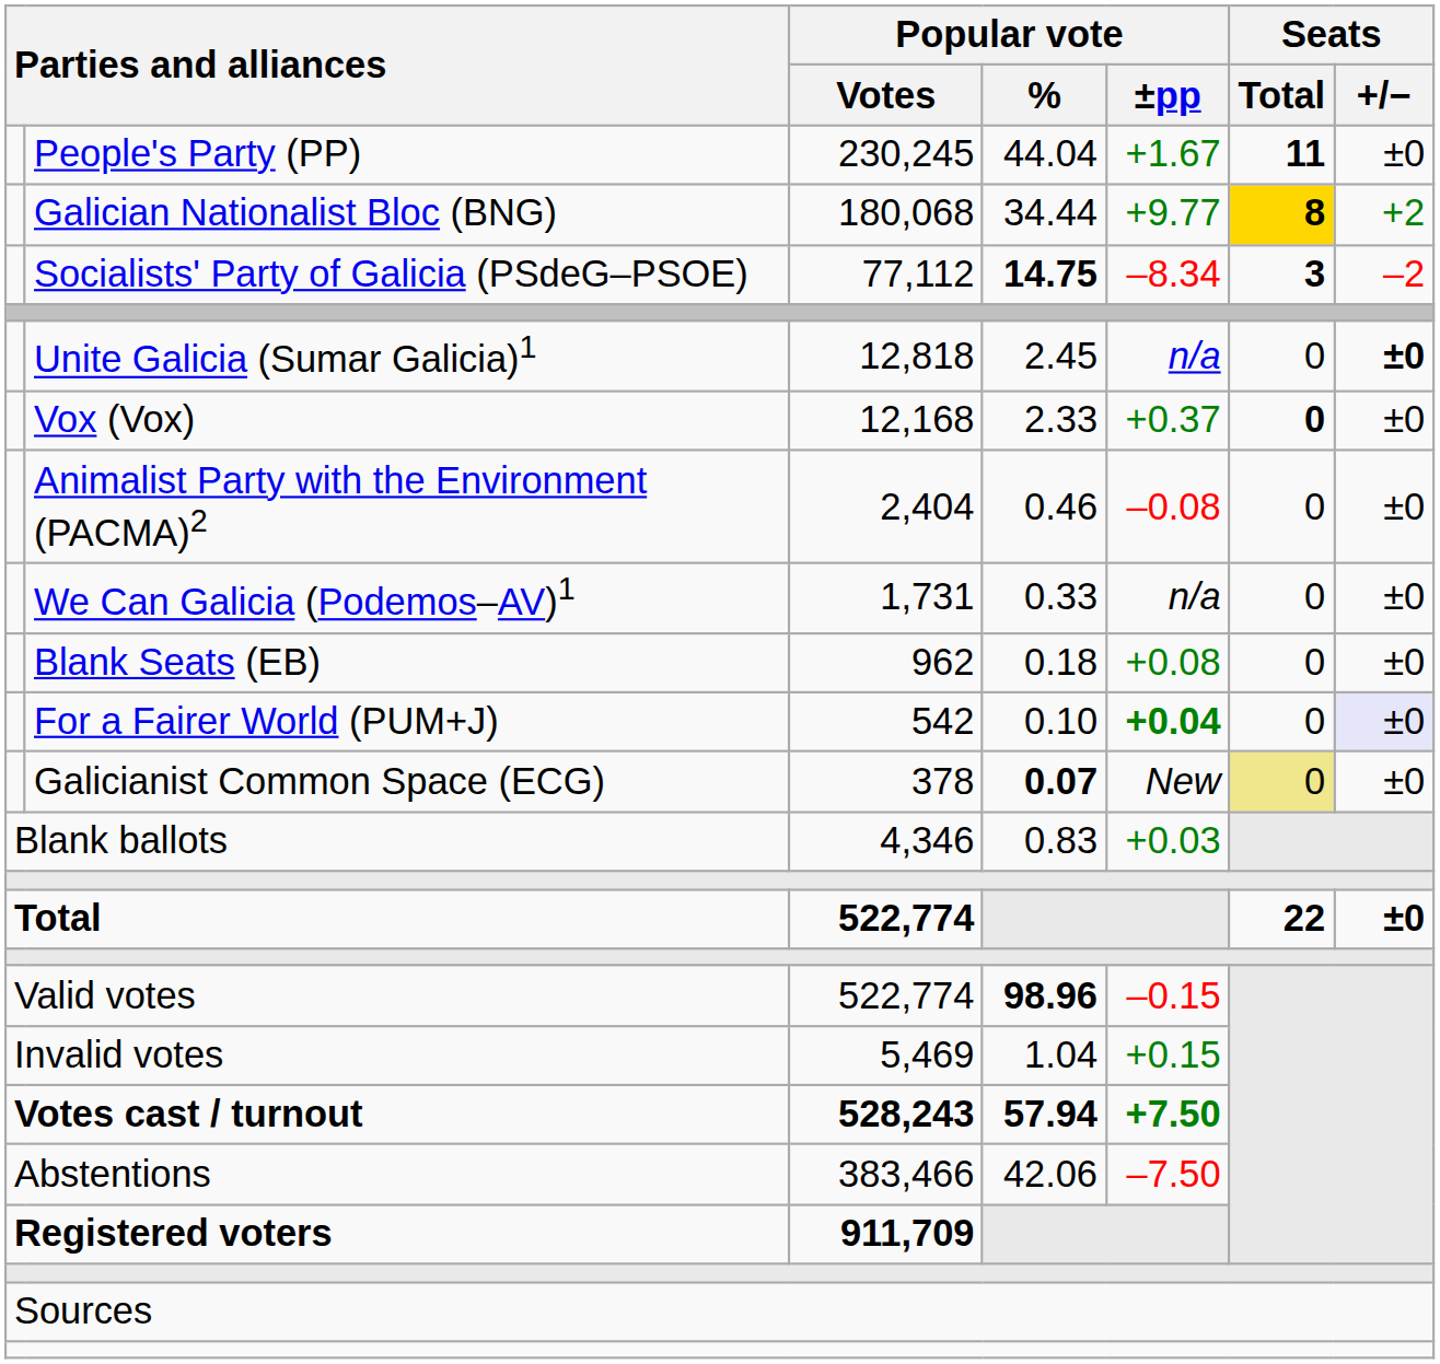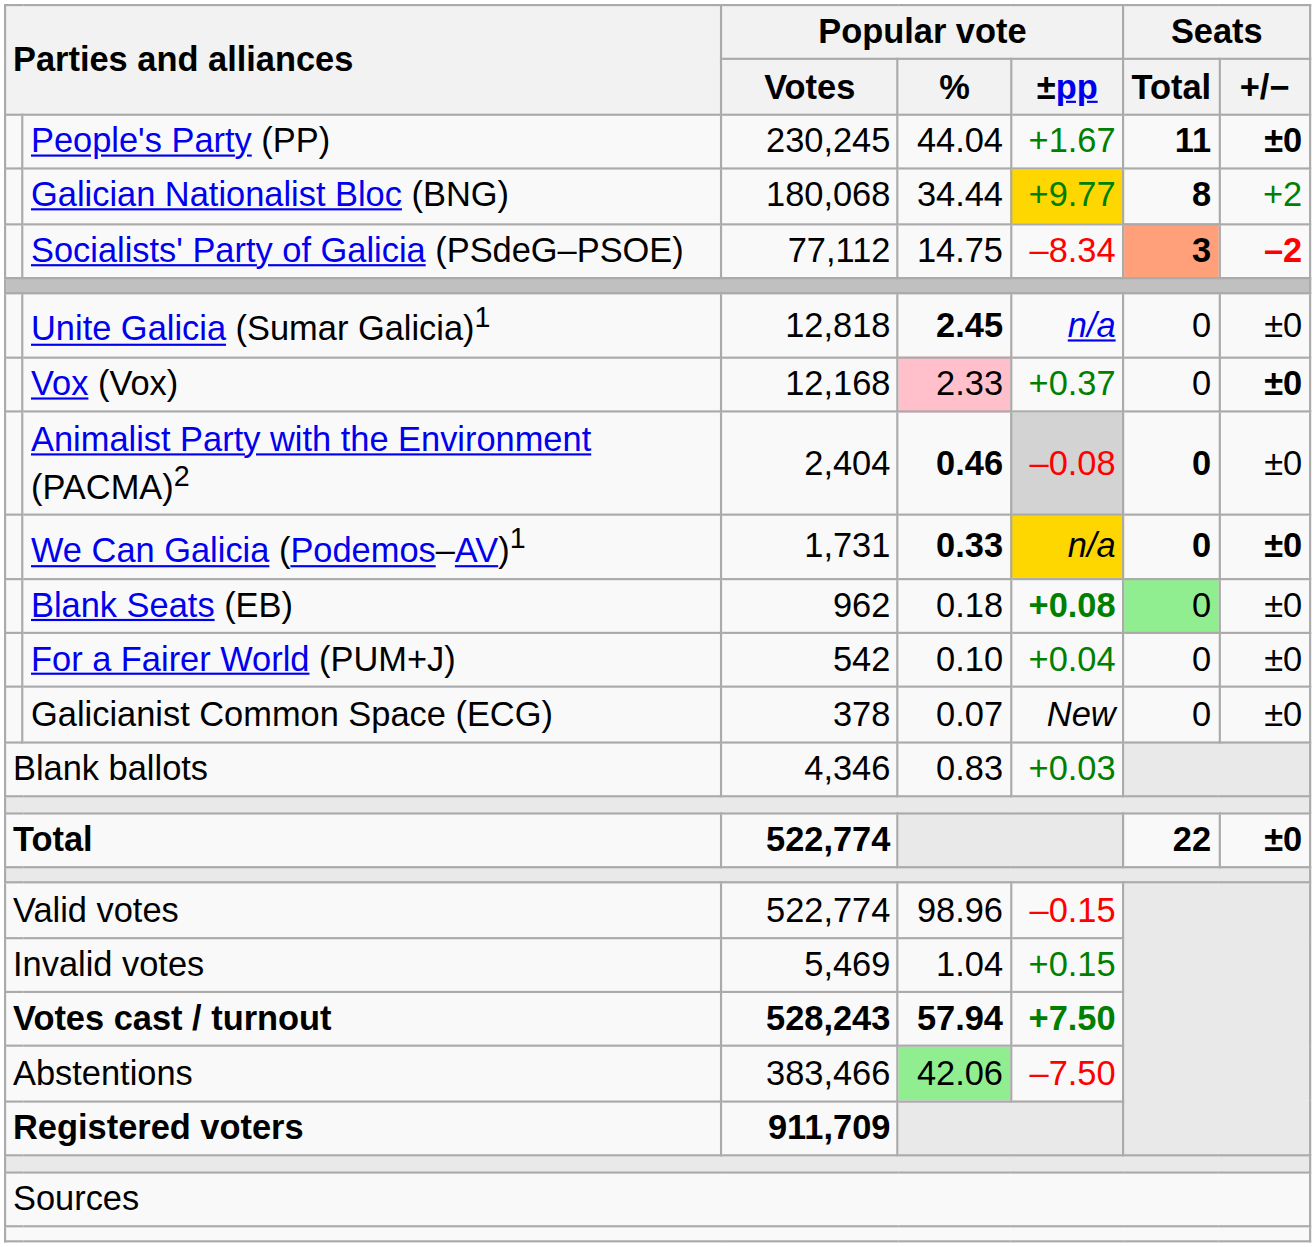 <table class="wikitable" style="text-align:right;">
 <tr>
 <th style="text-align:left;" rowspan="2" colspan="2" width="525">Parties and alliances</th>
 <th colspan="3">Popular vote</th>
 <th colspan="2">Seats</th>
 </tr>
 <tr>
 <th width="75">Votes</th>
 <th width="45">%</th>
 <th width="45">±<a href='#'>pp</a></th>
 <th width="35">Total</th>
 <th width="35">+/−</th>
 </tr>
 <tr>
 <td width="1" style="color:inherit;background:"></td>
 <td align="left"><a href='#'>People's Party</a> (PP)</td>
 <td>230,245</td>
 <td>44.04</td>
 <td style="color:green;">+1.67</td>
 <td><strong>11</strong></td>
-<td>±0</td>
+<td><strong>±0</strong></td>
 </tr>
 <tr>
 <td style="color:inherit;background:"></td>
 <td align="left"><a href='#'>Galician Nationalist Bloc</a> (BNG)</td>
 <td>180,068</td>
 <td>34.44</td>
-<td style="color:green;">+9.77</td>
-<td style="background: gold;"><strong>8</strong></td>
+<td style="background: gold; color:green;">+9.77</td>
+<td><strong>8</strong></td>
 <td style="color:green;">+2</td>
 </tr>
 <tr>
 <td style="color:inherit;background:"></td>
 <td align="left"><a href='#'>Socialists' Party of Galicia</a> (PSdeG–PSOE)</td>
 <td>77,112</td>
-<td><strong>14.75</strong></td>
+<td>14.75</td>
 <td style="color:red;">–8.34</td>
-<td><strong>3</strong></td>
-<td style="color:red;">–2</td>
+<td style="background: lightsalmon;"><strong>3</strong></td>
+<td style="color:red;"><strong>–2</strong></td>
 </tr>
 <tr>
 <td colspan="7" bgcolor="#C0C0C0"></td>
 </tr>
 <tr>
 <td style="color:inherit;background:"></td>
 <td align="left"><a href='#'>Unite Galicia</a> (Sumar Galicia)<sup>1</sup></td>
 <td>12,818</td>
-<td>2.45</td>
+<td><strong>2.45</strong></td>
 <td><em><a href='#'>n/a</a></em></td>
+<td>0</td>
+<td>±0</td>
+</tr>
+<tr>
+<td style="color:inherit;background:"></td>
+<td align="left"><a href='#'>Vox</a> (Vox)</td>
+<td>12,168</td>
+<td style="background: pink;">2.33</td>
+<td style="color:green;">+0.37</td>
 <td>0</td>
 <td><strong>±0</strong></td>
 </tr>
 <tr>
 <td style="color:inherit;background:"></td>
-<td align="left"><a href='#'>Vox</a> (Vox)</td>
-<td>12,168</td>
-<td>2.33</td>
-<td style="color:green;">+0.37</td>
-<td><strong>0</strong></td>
-<td>±0</td>
-</tr>
-<tr>
-<td style="color:inherit;background:"></td>
 <td align="left"><a href='#'>Animalist Party with the Environment</a> (PACMA)<sup>2</sup></td>
 <td>2,404</td>
-<td>0.46</td>
-<td style="color:red;">–0.08</td>
-<td>0</td>
+<td><strong>0.46</strong></td>
+<td style="background: lightgrey; color:red;">–0.08</td>
+<td><strong>0</strong></td>
 <td>±0</td>
 </tr>
 <tr>
 <td style="color:inherit;background:"></td>
 <td align="left"><a href='#'>We Can Galicia</a> (<a href='#'>Podemos</a>–<a href='#'>AV</a>)<sup>1</sup></td>
 <td>1,731</td>
-<td>0.33</td>
-<td><em>n/a</em></td>
-<td>0</td>
-<td>±0</td>
+<td><strong>0.33</strong></td>
+<td style="background: gold;"><em>n/a</em></td>
+<td><strong>0</strong></td>
+<td><strong>±0</strong></td>
 </tr>
 <tr>
 <td style="color:inherit;background:"></td>
 <td align="left"><a href='#'>Blank Seats</a> (EB)</td>
 <td>962</td>
 <td>0.18</td>
-<td style="color:green;">+0.08</td>
-<td>0</td>
+<td style="color:green;"><strong>+0.08</strong></td>
+<td style="background: lightgreen;">0</td>
 <td>±0</td>
 </tr>
 <tr>
 <td style="color:inherit;background:"></td>
 <td align="left"><a href='#'>For a Fairer World</a> (PUM+J)</td>
 <td>542</td>
 <td>0.10</td>
-<td style="color:green;"><strong>+0.04</strong></td>
+<td style="color:green;">+0.04</td>
 <td>0</td>
-<td style="background: lavender;">±0</td>
+<td>±0</td>
 </tr>
 <tr>
 <td style="color:inherit;background:"></td>
 <td align="left">Galicianist Common Space (ECG)</td>
 <td>378</td>
-<td><strong>0.07</strong></td>
+<td>0.07</td>
 <td><em>New</em></td>
-<td style="background: khaki;">0</td>
+<td>0</td>
 <td>±0</td>
 </tr>
 <tr>
 <td align="left" colspan="2">Blank ballots</td>
 <td>4,346</td>
 <td>0.83</td>
 <td style="color:green;">+0.03</td>
 <td bgcolor="#E9E9E9" colspan="2"></td>
 </tr>
 <tr>
 <td colspan="7" bgcolor="#E9E9E9"></td>
 </tr>
 <tr style="font-weight:bold;">
 <td align="left" colspan="2">Total</td>
 <td>522,774</td>
 <td bgcolor="#E9E9E9" colspan="2"></td>
 <td>22</td>
 <td>±0</td>
 </tr>
 <tr>
 <td colspan="7" bgcolor="#E9E9E9"></td>
 </tr>
 <tr>
 <td align="left" colspan="2">Valid votes</td>
 <td>522,774</td>
-<td><strong>98.96</strong></td>
+<td>98.96</td>
 <td style="color:red;">–0.15</td>
 <td bgcolor="#E9E9E9" colspan="2" rowspan="5"></td>
 </tr>
 <tr>
 <td align="left" colspan="2">Invalid votes</td>
 <td>5,469</td>
 <td>1.04</td>
 <td style="color:green;">+0.15</td>
 </tr>
 <tr style="font-weight:bold;">
 <td align="left" colspan="2">Votes cast / turnout</td>
 <td>528,243</td>
 <td>57.94</td>
 <td style="color:green;">+7.50</td>
 </tr>
 <tr>
 <td align="left" colspan="2">Abstentions</td>
 <td>383,466</td>
-<td>42.06</td>
+<td style="background: lightgreen;">42.06</td>
 <td style="color:red;">–7.50</td>
 </tr>
 <tr style="font-weight:bold;">
 <td align="left" colspan="2">Registered voters</td>
 <td>911,709</td>
 <td bgcolor="#E9E9E9" colspan="2"></td>
 </tr>
 <tr>
 <td colspan="7" bgcolor="#E9E9E9"></td>
 </tr>
 <tr>
 <td align="left" colspan="7">Sources</td>
 </tr>
 <tr>
 <td colspan="7" style="text-align:left; max-width:790px;"></td>
 </tr>
 </table>
